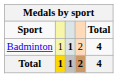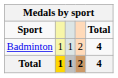 <table class="wikitable" style=font-size:85%;float:center;text-align:center>
 <tr style="background:#efefef;">
 <th colspan=5><strong>Medals by sport</strong></th>
 </tr>
 <tr align=center>
 <td><strong>Sport</strong></td>
 <td bgcolor=#f7f6a8></td>
 <td bgcolor=#dce5e5></td>
 <td bgcolor=#ffdab9></td>
 <td><strong>Total</strong></td>
 </tr>
 <tr align=center>
 <td><a href='#'>Badminton</a></td>
 <td style="background:#F7F6A8;">1</td>
-<td style="background:#DCE5E5;"><strong>1</strong></td>
+<td style="background:#DCE5E5;">1</td>
 <td style="background:#FFDAB9;">2</td>
 <td><strong>4</strong></td>
 </tr>
 <tr align=center>
 <th><strong>Total</strong></th>
 <th style="background:gold;"><strong>1</strong></th>
 <th style="background:silver;"><strong>1</strong></th>
 <th style="background:#c96;"><strong>2</strong></th>
 <th><strong>4</strong></th>
 </tr>
 </table>
